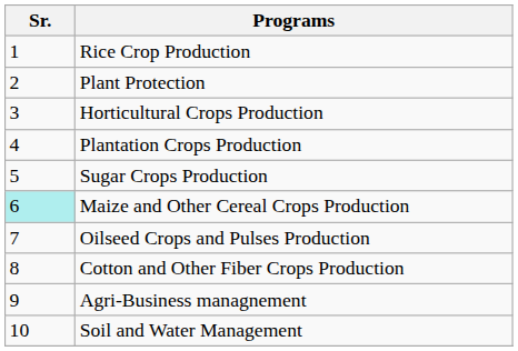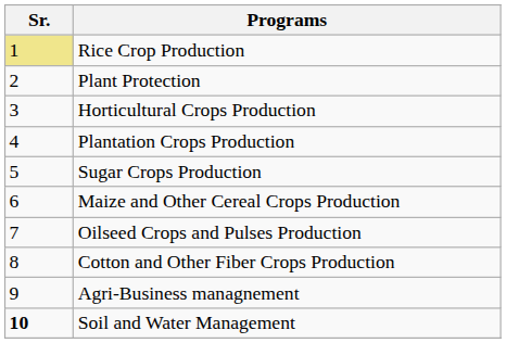 <table class="wikitable">
 <tr>
 <th width="50">Sr.</th>
 <th width="350">Programs</th>
 </tr>
 <tr>
-<td>1</td>
+<td style="background: khaki;">1</td>
 <td>Rice Crop Production</td>
 </tr>
 <tr>
 <td>2</td>
 <td>Plant Protection</td>
 </tr>
 <tr>
 <td>3</td>
 <td>Horticultural Crops Production</td>
 </tr>
 <tr>
 <td>4</td>
 <td>Plantation Crops Production</td>
 </tr>
 <tr>
 <td>5</td>
 <td>Sugar Crops Production</td>
 </tr>
 <tr>
-<td style="background: paleturquoise;">6</td>
+<td>6</td>
 <td>Maize and Other Cereal Crops Production</td>
 </tr>
 <tr>
 <td>7</td>
 <td>Oilseed Crops and Pulses Production</td>
 </tr>
 <tr>
 <td>8</td>
 <td>Cotton and Other Fiber Crops Production</td>
 </tr>
 <tr>
 <td>9</td>
 <td>Agri-Business managnement</td>
 </tr>
 <tr>
-<td>10</td>
+<td><strong>10</strong></td>
 <td>Soil and Water Management</td>
 </tr>
 <tr>
 </tr>
 </table>
